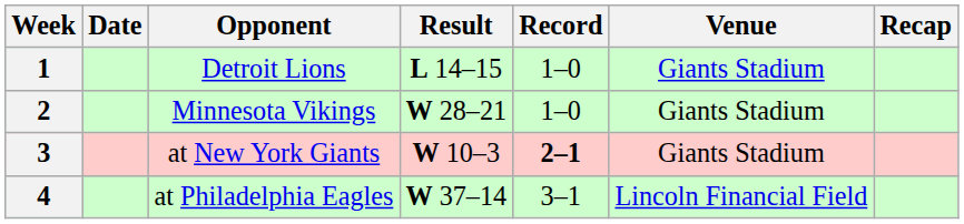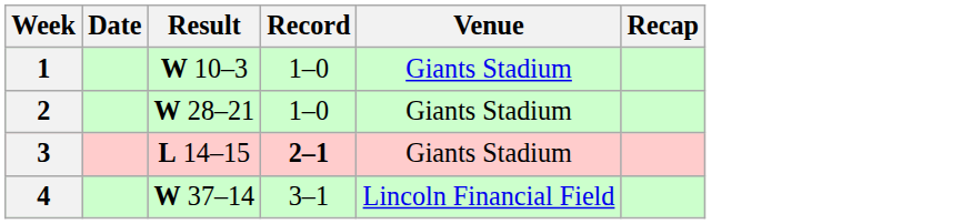 <table class="wikitable"style="text-align:center">
 <tr>
 <th>Week</th>
 <th>Date</th>
-<th>Opponent</th>
 <th>Result</th>
 <th>Record</th>
 <th>Venue</th>
 <th>Recap</th>
 </tr>
 <tr style="background:#cfc">
 <th>1</th>
 <td></td>
-<td><a href='#'>Detroit Lions</a></td>
-<td><strong>L</strong> 14–15</td>
+<td><strong>W</strong> 10–3</td>
 <td>1–0</td>
 <td><a href='#'>Giants Stadium</a></td>
 <td></td>
 </tr>
 <tr style="background:#cfc">
 <th>2</th>
 <td></td>
-<td><a href='#'>Minnesota Vikings</a></td>
 <td><strong>W</strong> 28–21</td>
 <td>1–0</td>
 <td>Giants Stadium</td>
 <td></td>
 </tr>
 <tr style="background:#fcc">
 <th>3</th>
 <td></td>
-<td>at <a href='#'>New York Giants</a></td>
-<td><strong>W</strong> 10–3</td>
+<td><strong>L</strong> 14–15</td>
 <td><strong>2–1</strong></td>
 <td>Giants Stadium</td>
 <td></td>
 </tr>
 <tr style="background:#cfc">
 <th>4</th>
 <td></td>
-<td>at <a href='#'>Philadelphia Eagles</a></td>
 <td><strong>W</strong> 37–14</td>
 <td>3–1</td>
 <td><a href='#'>Lincoln Financial Field</a></td>
 <td></td>
 </tr>
 </table>
